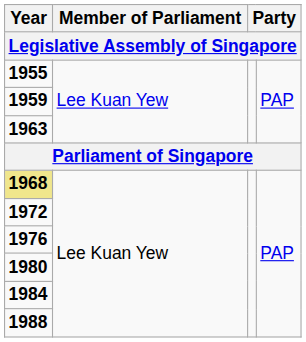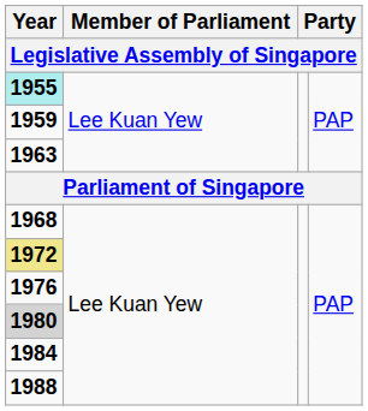 <table class="wikitable">
 <tr>
 <th>Year</th>
 <th>Member of Parliament</th>
 <th colspan="2">Party</th>
 </tr>
 <tr>
 <th colspan="4"><a href='#'>Legislative Assembly of Singapore</a></th>
 </tr>
 <tr>
-<td><strong>1955</strong></td>
+<td style="background: paleturquoise;"><strong>1955</strong></td>
 <td rowspan="3"><a href='#'>Lee Kuan Yew</a></td>
 <td rowspan="3"></td>
 <td rowspan="3"><a href='#'>PAP</a></td>
 </tr>
 <tr>
 <td><strong>1959</strong></td>
 </tr>
 <tr>
 <td><strong>1963</strong></td>
 </tr>
 <tr>
 <th colspan="4"><a href='#'>Parliament of Singapore</a></th>
 </tr>
 <tr>
-<td style="background: khaki;"><strong>1968</strong></td>
+<td><strong>1968</strong></td>
 <td rowspan="6">Lee Kuan Yew</td>
 <td rowspan="6"></td>
 <td rowspan="6"><a href='#'>PAP</a></td>
 </tr>
 <tr>
-<td><strong>1972</strong></td>
+<td style="background: khaki;"><strong>1972</strong></td>
 </tr>
 <tr>
 <td><strong>1976</strong></td>
 </tr>
 <tr>
-<td><strong>1980</strong></td>
+<td style="background: lightgrey;"><strong>1980</strong></td>
 </tr>
 <tr>
 <td><strong>1984</strong></td>
 </tr>
 <tr>
 <td><strong>1988</strong></td>
 </tr>
 </table>
